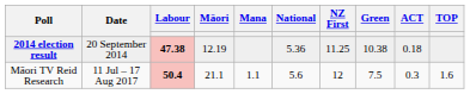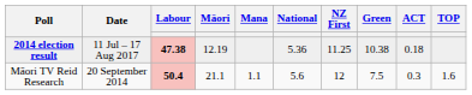 <table class="wikitable" style="font-size:90%; line-height:14px; text-align:center">
 <tr>
 <th style="width:240px;" rowspan="2">Poll</th>
 <th style="width:160px;" rowspan="2">Date </th>
 <th style="width:70px;" r bgcolor=><a href='#'>Labour</a></th>
 <th style="width:70px;" r bgcolor=><a href='#'>Māori</a></th>
 <th style="width:70px;" r bgcolor=><a href='#'>Mana</a></th>
 <th style="width:70px;" r bgcolor=><a href='#'>National</a></th>
 <th style="width:70px;" r bgcolor=><a href='#'>NZ First</a></th>
 <th style="width:70px;" r bgcolor=><a href='#'>Green</a></th>
 <th style="width:70px;" r bgcolor=><a href='#'>ACT</a></th>
 <th style="width:70px;" r bgcolor=><a href='#'>TOP</a></th>
 </tr>
 <tr>
 <th class="unsortable" style="color:inherit;background:"></th>
 <th class="unsortable" style="color:inherit;background:"></th>
 <th class="unsortable" style="color:inherit;background:"></th>
 <th class="unsortable" style="color:inherit;background:"></th>
 <th class="unsortable" style="color:inherit;background:"></th>
 <th class="unsortable" style="color:inherit;background:"></th>
 <th class="unsortable" style="color:inherit;background:"></th>
 <th class="unsortable" style="color:inherit;background:"></th>
 </tr>
 <tr style="background:#EFEFEF; font-weight:italic;">
 <td><strong><a href='#'>2014 election result</a></strong></td>
-<td>20 September 2014</td>
+<td>11 Jul – 17 Aug 2017</td>
 <td style="background:#F8C1BE"><strong>47.38</strong></td>
 <td>12.19</td>
 <td></td>
 <td>5.36</td>
 <td>11.25</td>
 <td>10.38</td>
 <td>0.18</td>
 <td></td>
 </tr>
 <tr>
 <td>Māori TV Reid Research</td>
-<td>11 Jul – 17 Aug 2017</td>
+<td>20 September 2014</td>
 <td style="background:#F8C1BE"><strong>50.4</strong></td>
 <td>21.1</td>
 <td>1.1</td>
 <td>5.6</td>
 <td>12</td>
 <td>7.5</td>
 <td>0.3</td>
 <td>1.6</td>
 </tr>
 </table>
